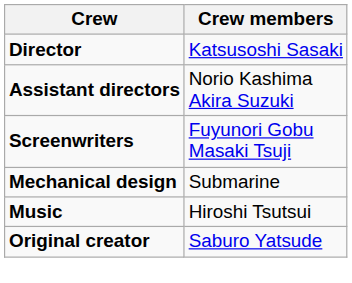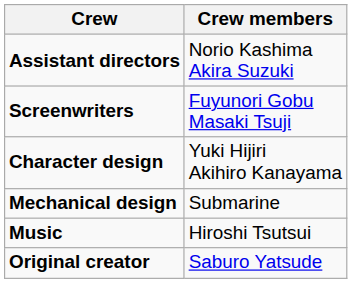 <table class="wikitable sortable">
 <tr>
 <th>Crew</th>
 <th>Crew members</th>
-</tr>
-<tr>
-<td><strong>Director</strong></td>
-<td><a href='#'>Katsusoshi Sasaki</a></td>
 </tr>
 <tr>
 <td><strong>Assistant directors</strong></td>
 <td>Norio Kashima<br><a href='#'>Akira Suzuki</a></td>
 </tr>
 <tr>
 <td><strong>Screenwriters</strong></td>
 <td><a href='#'>Fuyunori Gobu</a><br><a href='#'>Masaki Tsuji</a></td>
+</tr>
+<tr>
+<td><strong>Character design</strong></td>
+<td>Yuki Hijiri<br>Akihiro Kanayama</td>
 </tr>
 <tr>
 <td><strong>Mechanical design</strong></td>
 <td>Submarine</td>
 </tr>
 <tr>
 <td><strong>Music</strong></td>
 <td>Hiroshi Tsutsui</td>
 </tr>
 <tr>
 <td><strong>Original creator</strong></td>
 <td><a href='#'>Saburo Yatsude</a></td>
 </tr>
 </table>
